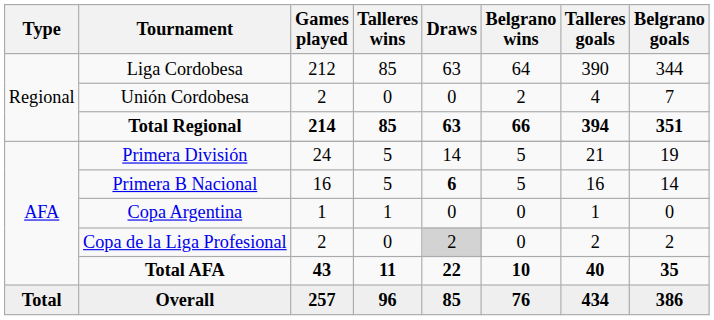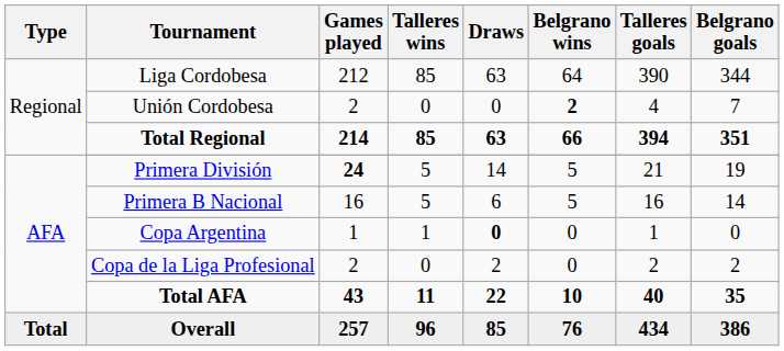 <table class= "wikitable" style= "text-align:center; font-size: %">
 <tr>
 <th>Type</th>
 <th style="width:;">Tournament</th>
 <th style="width:;">Games <br> played</th>
 <th style="width:;">Talleres <br> wins</th>
 <th style="width:;">Draws</th>
 <th style="width:;">Belgrano <br> wins</th>
 <th style="width:;">Talleres <br> goals</th>
 <th style="width:;">Belgrano <br> goals</th>
 </tr>
 <tr>
 <td rowspan=3>Regional</td>
 <td>Liga Cordobesa</td>
 <td>212</td>
 <td>85</td>
 <td>63</td>
 <td>64</td>
 <td>390</td>
 <td>344</td>
 </tr>
 <tr>
 <td>Unión Cordobesa</td>
 <td>2</td>
 <td>0</td>
 <td>0</td>
-<td>2</td>
+<td><strong>2</strong></td>
 <td>4</td>
 <td>7</td>
 </tr>
 <tr>
 <td><strong>Total Regional</strong></td>
 <td><strong>214</strong></td>
 <td><strong>85</strong></td>
 <td><strong>63</strong></td>
 <td><strong>66</strong></td>
 <td><strong>394</strong></td>
 <td><strong>351</strong></td>
 </tr>
 <tr>
 <td rowspan=6><a href='#'>AFA</a></td>
 </tr>
 <tr>
 <td><a href='#'>Primera División</a></td>
-<td>24</td>
+<td><strong>24</strong></td>
 <td>5</td>
 <td>14</td>
 <td>5</td>
 <td>21</td>
 <td>19</td>
 </tr>
 <tr>
 <td><a href='#'>Primera B Nacional</a></td>
 <td>16</td>
 <td>5</td>
-<td><strong>6</strong></td>
+<td>6</td>
 <td>5</td>
 <td>16</td>
 <td>14</td>
 </tr>
 <tr>
 <td><a href='#'>Copa Argentina</a></td>
 <td>1</td>
 <td>1</td>
-<td>0</td>
+<td><strong>0</strong></td>
 <td>0</td>
 <td>1</td>
 <td>0</td>
 </tr>
 <tr>
 <td><a href='#'>Copa de la Liga Profesional</a></td>
 <td>2</td>
 <td>0</td>
-<td style="background: lightgrey;">2</td>
+<td>2</td>
 <td>0</td>
 <td>2</td>
 <td>2</td>
 </tr>
 <tr>
 <td><strong>Total AFA</strong></td>
 <td><strong>43</strong></td>
 <td><strong>11</strong></td>
 <td><strong>22</strong></td>
 <td><strong>10</strong></td>
 <td><strong>40</strong></td>
 <td><strong>35</strong></td>
 </tr>
 <tr bgcolor=#efefef>
 <td><strong>Total</strong></td>
 <td><strong>Overall</strong></td>
 <td><strong>257</strong></td>
 <td><strong>96</strong></td>
 <td><strong>85</strong></td>
 <td><strong>76</strong></td>
 <td><strong>434</strong></td>
 <td><strong>386</strong></td>
 </tr>
 </table>
